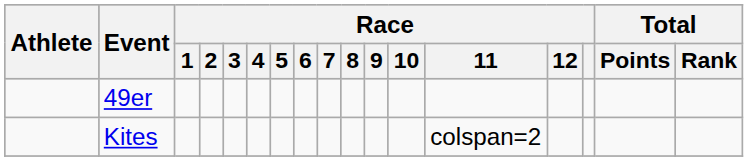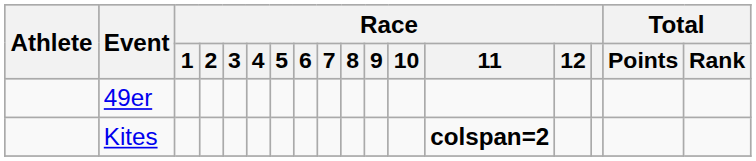 <table class=wikitable style=font-size:90%;text-align:center>
 <tr>
 <th rowspan=2>Athlete</th>
 <th rowspan=2>Event</th>
 <th colspan=13>Race</th>
 <th colspan=2>Total</th>
 </tr>
 <tr style=font-size:95%>
 <th>1</th>
 <th>2</th>
 <th>3</th>
 <th>4</th>
 <th>5</th>
 <th>6</th>
 <th>7</th>
 <th>8</th>
 <th>9</th>
 <th>10</th>
 <th>11</th>
 <th>12</th>
 <th></th>
 <th>Points</th>
 <th>Rank</th>
 </tr>
 <tr>
 <td align=left></td>
 <td align=left><a href='#'>49er</a></td>
 <td></td>
 <td></td>
 <td></td>
 <td></td>
 <td></td>
 <td></td>
 <td></td>
 <td></td>
 <td></td>
 <td></td>
 <td></td>
 <td></td>
 <td></td>
 <td></td>
 <td></td>
 </tr>
 <tr>
 <td align=left></td>
 <td align=left><a href='#'>Kites</a></td>
 <td></td>
 <td></td>
 <td></td>
 <td></td>
 <td></td>
 <td></td>
 <td></td>
 <td></td>
 <td></td>
 <td></td>
-<td>colspan=2 </td>
+<td><strong>colspan=2 </strong></td>
 <td></td>
 <td></td>
 <td></td>
 </tr>
 </table>
